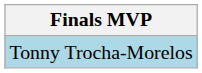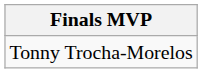 <table class="wikitable" style="text-align: center; margin: 0 auto;">
 <tr>
 <th>Finals MVP</th>
 </tr>
 <tr>
-<td style="background: lightblue;">Tonny Trocha-Morelos</td>
+<td>Tonny Trocha-Morelos</td>
 </tr>
 </table>
